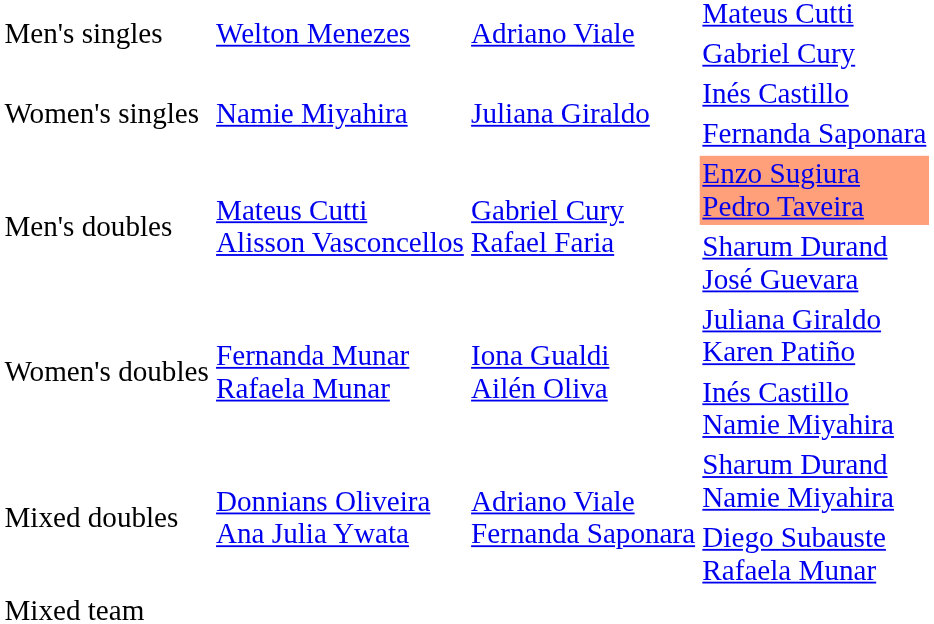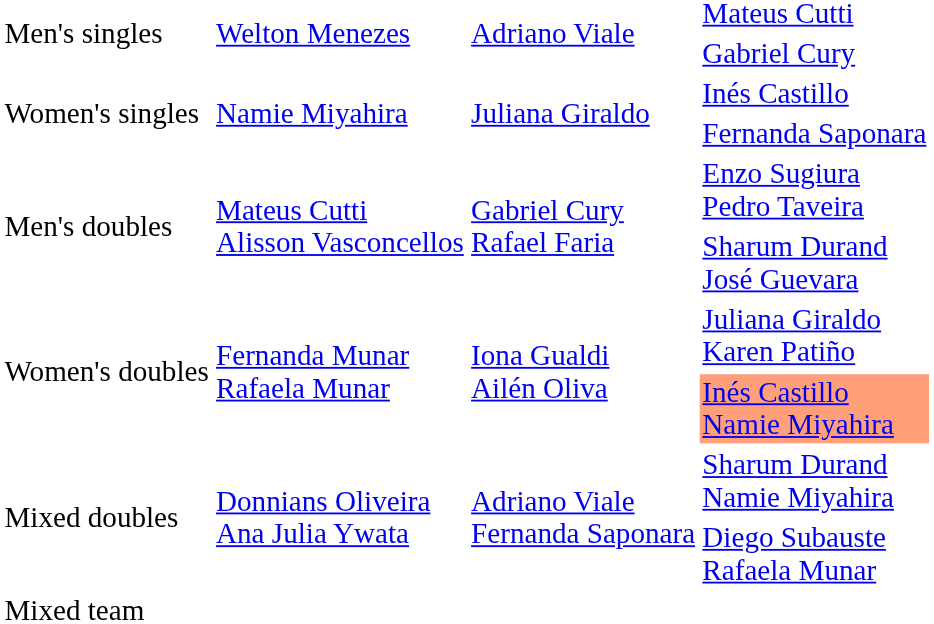 <table>
 <tr>
 <td rowspan="2">Men's singles</td>
 <td rowspan="2"> <a href='#'>Welton Menezes</a></td>
 <td rowspan="2"> <a href='#'>Adriano Viale</a></td>
 <td> <a href='#'>Mateus Cutti</a></td>
 </tr>
 <tr>
 <td> <a href='#'>Gabriel Cury</a></td>
 </tr>
 <tr>
 <td rowspan="2">Women's singles</td>
 <td rowspan="2"> <a href='#'>Namie Miyahira</a></td>
 <td rowspan="2"> <a href='#'>Juliana Giraldo</a></td>
 <td> <a href='#'>Inés Castillo</a></td>
 </tr>
 <tr>
 <td> <a href='#'>Fernanda Saponara</a></td>
 </tr>
 <tr>
 <td rowspan="2">Men's doubles</td>
 <td rowspan="2"> <a href='#'>Mateus Cutti</a><br> <a href='#'>Alisson Vasconcellos</a></td>
 <td rowspan="2"> <a href='#'>Gabriel Cury</a><br> <a href='#'>Rafael Faria</a></td>
-<td style="background: lightsalmon;"> <a href='#'>Enzo Sugiura</a><br> <a href='#'>Pedro Taveira</a></td>
+<td> <a href='#'>Enzo Sugiura</a><br> <a href='#'>Pedro Taveira</a></td>
 </tr>
 <tr>
 <td> <a href='#'>Sharum Durand</a><br> <a href='#'>José Guevara</a></td>
 </tr>
 <tr>
 <td rowspan="2">Women's doubles</td>
 <td rowspan="2"> <a href='#'>Fernanda Munar</a><br> <a href='#'>Rafaela Munar</a></td>
 <td rowspan="2"> <a href='#'>Iona Gualdi</a><br> <a href='#'>Ailén Oliva</a></td>
 <td> <a href='#'>Juliana Giraldo</a><br> <a href='#'>Karen Patiño</a></td>
 </tr>
 <tr>
-<td> <a href='#'>Inés Castillo</a><br> <a href='#'>Namie Miyahira</a></td>
+<td style="background: lightsalmon;"> <a href='#'>Inés Castillo</a><br> <a href='#'>Namie Miyahira</a></td>
 </tr>
 <tr>
 <td rowspan="2">Mixed doubles</td>
 <td rowspan="2"> <a href='#'>Donnians Oliveira</a><br> <a href='#'>Ana Julia Ywata</a></td>
 <td rowspan="2"> <a href='#'>Adriano Viale</a><br> <a href='#'>Fernanda Saponara</a></td>
 <td> <a href='#'>Sharum Durand</a><br> <a href='#'>Namie Miyahira</a></td>
 </tr>
 <tr>
 <td> <a href='#'>Diego Subauste</a><br> <a href='#'>Rafaela Munar</a></td>
 </tr>
 <tr>
 <td>Mixed team</td>
 <td align="left"></td>
 <td align="left"></td>
 <td align="left"></td>
 </tr>
 </table>
